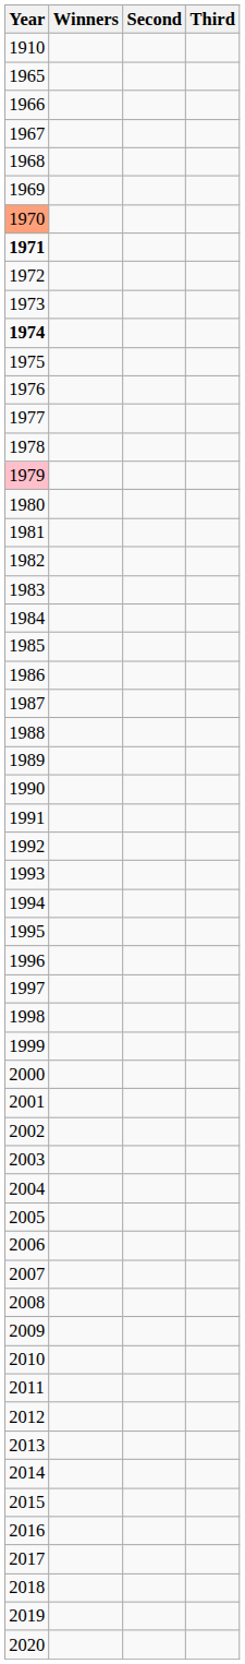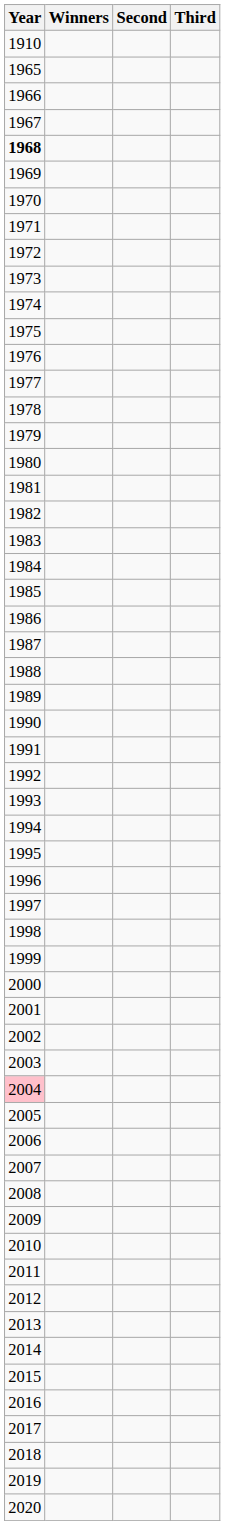 <table class="wikitable">
 <tr>
 <th>Year</th>
 <th>Winners</th>
 <th>Second</th>
 <th>Third</th>
 </tr>
 <tr>
 <td>1910</td>
 <td>  <br>  </td>
 <td> <br>  </td>
 <td>  <br> </td>
 </tr>
 <tr>
 <td>1965</td>
 <td>  <br>  </td>
 <td> <br></td>
 <td> <br></td>
 </tr>
 <tr>
 <td>1966</td>
 <td> <br></td>
 <td>  <br>  </td>
 <td>  <br>  </td>
 </tr>
 <tr>
 <td>1967</td>
 <td>  <br> </td>
 <td>  <br> </td>
 <td>  <br>  </td>
 </tr>
 <tr>
-<td>1968</td>
+<td><strong>1968</strong></td>
 <td>  <br> </td>
 <td>  <br> </td>
 <td>  <br> </td>
 </tr>
 <tr>
 <td>1969</td>
 <td>  <br>  </td>
 <td>  <br> </td>
 <td>  <br> </td>
 </tr>
 <tr>
-<td style="background: lightsalmon;">1970</td>
+<td>1970</td>
 <td>  <br> </td>
 <td>  <br> </td>
 <td>  <br> </td>
 </tr>
 <tr>
-<td><strong>1971</strong></td>
+<td>1971</td>
 <td>  <br> </td>
 <td>  <br>  </td>
 <td>  <br> </td>
 </tr>
 <tr>
 <td>1972</td>
 <td>  <br> </td>
 <td>  <br>  </td>
 <td>  <br></td>
 </tr>
 <tr>
 <td>1973</td>
 <td>  <br></td>
 <td>  <br> </td>
 <td>  <br>  </td>
 </tr>
 <tr>
-<td><strong>1974</strong></td>
+<td>1974</td>
 <td>  <br> </td>
 <td>  <br>  </td>
 <td>  <br>  </td>
 </tr>
 <tr>
 <td>1975</td>
 <td>  <br>  </td>
 <td>  <br>  </td>
 <td>  <br>  </td>
 </tr>
 <tr>
 <td>1976</td>
 <td>  <br>  </td>
 <td>  <br>  </td>
 <td>  <br>  </td>
 </tr>
 <tr>
 <td>1977</td>
 <td> <br></td>
 <td>  <br>  </td>
 <td>  <br>  </td>
 </tr>
 <tr>
 <td>1978</td>
 <td>  <br>  </td>
 <td>  <br> </td>
 <td>  <br>  </td>
 </tr>
 <tr>
-<td style="background: pink;">1979</td>
+<td>1979</td>
 <td>  <br>  </td>
 <td>  <br> </td>
 <td>  <br>  </td>
 </tr>
 <tr>
 <td>1980</td>
 <td>  <br>  </td>
 <td>  <br> </td>
 <td>  <br> </td>
 </tr>
 <tr>
 <td>1981</td>
 <td>  <br> </td>
 <td>  <br> </td>
 <td>  <br>  </td>
 </tr>
 <tr>
 <td>1982</td>
 <td>  <br> </td>
 <td>  <br> </td>
 <td>  <br>  </td>
 </tr>
 <tr>
 <td>1983</td>
 <td>  <br>  </td>
 <td>  <br> </td>
 <td>  <br> </td>
 </tr>
 <tr>
 <td>1984</td>
 <td>  <br>  </td>
 <td>  <br> </td>
 <td>  <br> </td>
 </tr>
 <tr>
 <td>1985</td>
 <td>  <br> </td>
 <td>  <br>  </td>
 <td>  <br>  </td>
 </tr>
 <tr>
 <td>1986</td>
 <td>  <br>  </td>
 <td>  <br> </td>
 <td>  <br> </td>
 </tr>
 <tr>
 <td>1987</td>
 <td>  <br>  </td>
 <td> <br></td>
 <td>  <br> </td>
 </tr>
 <tr>
 <td>1988</td>
 <td>  <br>  </td>
 <td> <br></td>
 <td>  <br> </td>
 </tr>
 <tr>
 <td>1989</td>
 <td> <br></td>
 <td>  <br> </td>
 <td>  <br> </td>
 </tr>
 <tr>
 <td>1990</td>
 <td>  <br> </td>
 <td>  <br> </td>
 <td>  <br> </td>
 </tr>
 <tr>
 <td>1991</td>
 <td>  <br> </td>
 <td>  <br> </td>
 <td>  <br> </td>
 </tr>
 <tr>
 <td>1992</td>
 <td>  <br> </td>
 <td>  <br> </td>
 <td>  <br> </td>
 </tr>
 <tr>
 <td>1993</td>
 <td>  <br> </td>
 <td>  <br> </td>
 <td>  <br> </td>
 </tr>
 <tr>
 <td>1994</td>
 <td>  <br> </td>
 <td>  <br> </td>
 <td>  <br> </td>
 </tr>
 <tr>
 <td>1995</td>
 <td>  <br> </td>
 <td>  <br> </td>
 <td>  <br> </td>
 </tr>
 <tr>
 <td>1996</td>
 <td>  <br> </td>
 <td>  <br> </td>
 <td>  <br> </td>
 </tr>
 <tr>
 <td>1997</td>
 <td>  <br>  </td>
 <td>  <br> </td>
 <td>  <br> </td>
 </tr>
 <tr>
 <td>1998</td>
 <td>  <br> </td>
 <td>  <br> </td>
 <td>  <br> </td>
 </tr>
 <tr>
 <td>1999</td>
 <td>  <br> </td>
 <td>  <br> </td>
 <td>  <br> </td>
 </tr>
 <tr>
 <td>2000</td>
 <td>  <br> </td>
 <td>  <br> </td>
 <td>  <br> </td>
 </tr>
 <tr>
 <td>2001</td>
 <td> <br> </td>
 <td> <br> </td>
 <td> <br> </td>
 </tr>
 <tr>
 <td>2002</td>
 <td> <br></td>
 <td> <br></td>
 <td>  <br> </td>
 </tr>
 <tr>
 <td>2003</td>
 <td>   <br> </td>
 <td> <br></td>
 <td> <br></td>
 </tr>
 <tr>
-<td>2004</td>
+<td style="background: pink;">2004</td>
 <td>  <br> </td>
 <td>  <br> </td>
 <td> <br></td>
 </tr>
 <tr>
 <td>2005</td>
 <td> <br></td>
 <td>  <br> </td>
 <td>  <br> </td>
 </tr>
 <tr>
 <td>2006</td>
 <td>  <br> </td>
 <td>  <br> </td>
 <td>  <br> </td>
 </tr>
 <tr>
 <td>2007</td>
 <td>  <br> </td>
 <td>  <br> </td>
 <td>  <br> </td>
 </tr>
 <tr>
 <td>2008</td>
 <td>  <br>  </td>
 <td>  <br> </td>
 <td>  <br> </td>
 </tr>
 <tr>
 <td>2009</td>
 <td>  <br> </td>
 <td>  <br> </td>
 <td>  <br> </td>
 </tr>
 <tr>
 <td>2010</td>
 <td>  <br> </td>
 <td>  <br> </td>
 <td>  <br> </td>
 </tr>
 <tr>
 <td>2011</td>
 <td>  <br> </td>
 <td>  <br> </td>
 <td>  <br> </td>
 </tr>
 <tr>
 <td>2012</td>
 <td>  <br> </td>
 <td>  <br> </td>
 <td> <br> </td>
 </tr>
 <tr>
 <td>2013</td>
 <td>  <br> </td>
 <td>  <br> </td>
 <td> <br> </td>
 </tr>
 <tr>
 <td>2014</td>
 <td>  <br> </td>
 <td>  <br> </td>
 <td> <br> </td>
 </tr>
 <tr>
 <td>2015</td>
 <td>  <br> </td>
 <td>  <br> </td>
 <td>  <br> </td>
 </tr>
 <tr>
 <td>2016</td>
 <td>  <br>  </td>
 <td>  <br> </td>
 <td> <br>  </td>
 </tr>
 <tr>
 <td>2017</td>
 <td>  <br>  </td>
 <td>  <br> </td>
 <td> <br>  </td>
 </tr>
 <tr>
 <td>2018</td>
 <td>  <br>  </td>
 <td>  <br> </td>
 <td> <br>  </td>
 </tr>
 <tr>
 <td>2019</td>
 <td>  <br>  </td>
 <td>  <br>  </td>
 <td> <br>  </td>
 </tr>
 <tr>
 <td>2020</td>
 <td>  <br>  </td>
 <td>  <br>  </td>
 <td> <br>  </td>
 </tr>
 </table>
